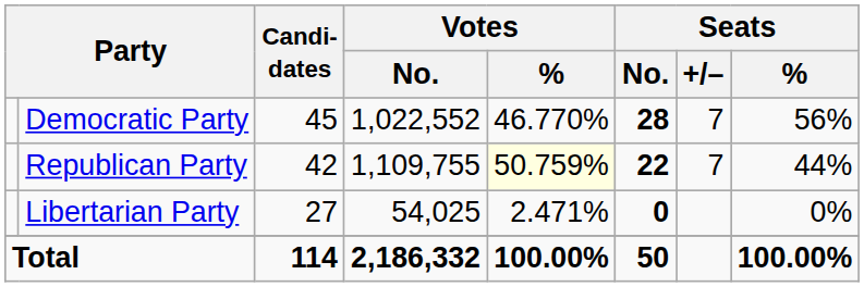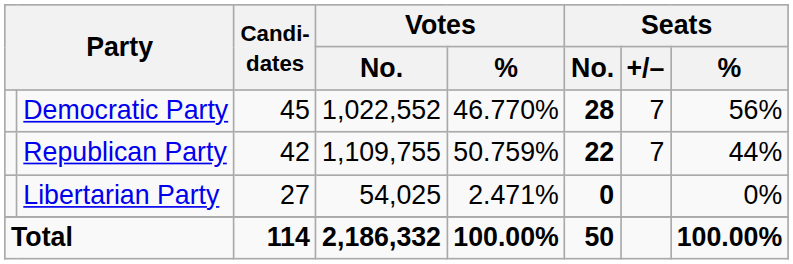 <table class="wikitable" style="font-size:100%; text-align:right;">
 <tr>
 <th colspan=2 rowspan=2>Party</th>
 <th rowspan=2><small>Candi-<br>dates</small></th>
 <th colspan=2>Votes</th>
 <th colspan=3>Seats</th>
 </tr>
 <tr>
 <th>No.</th>
 <th>%</th>
 <th>No.</th>
 <th>+/–</th>
 <th>%</th>
 </tr>
 <tr>
 <td style="background:"></td>
 <td align=left><a href='#'>Democratic Party</a></td>
 <td>45</td>
 <td>1,022,552</td>
 <td>46.770%</td>
 <td><strong>28</strong></td>
 <td>7</td>
 <td>56%</td>
 </tr>
 <tr>
 <td style="background:"></td>
 <td align=left><a href='#'>Republican Party</a></td>
 <td>42</td>
 <td>1,109,755</td>
-<td style="background: lightyellow;">50.759%</td>
+<td>50.759%</td>
 <td><strong>22</strong></td>
 <td>7</td>
 <td>44%</td>
 </tr>
 <tr>
 <td style="background:"></td>
 <td align=left><a href='#'>Libertarian Party</a></td>
 <td>27</td>
 <td>54,025</td>
 <td>2.471%</td>
 <td><strong>0</strong></td>
 <td></td>
 <td>0%</td>
 </tr>
 <tr>
 </tr>
 <tr style="font-weight:bold">
 <td colspan=2 align=left>Total</td>
 <td>114</td>
 <td>2,186,332</td>
 <td>100.00%</td>
 <td>50</td>
 <td></td>
 <td>100.00%</td>
 </tr>
 </table>
